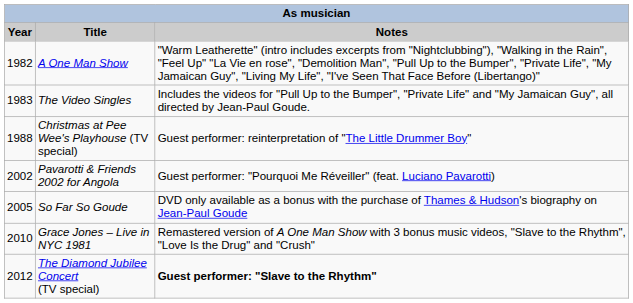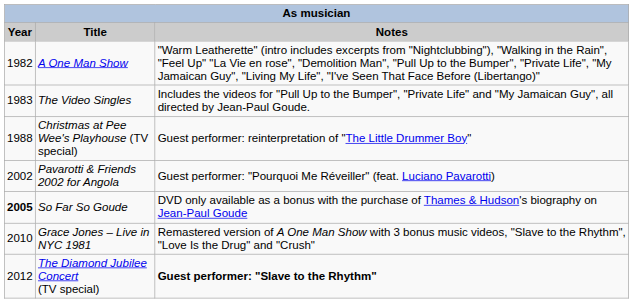 <table class="wikitable">
 <tr>
 <th colspan="3" style="background:#B0C4DE;">As musician</th>
 </tr>
 <tr>
 <th style="background:#ccc;">Year</th>
 <th style="background:#ccc;">Title</th>
 <th style="background:#ccc;">Notes</th>
 </tr>
 <tr>
 <td>1982</td>
 <td><em><a href='#'>A One Man Show</a></em></td>
 <td>"Warm Leatherette" (intro includes excerpts from "Nightclubbing"), "Walking in the Rain", "Feel Up" "La Vie en rose", "Demolition Man", "Pull Up to the Bumper", "Private Life", "My Jamaican Guy", "Living My Life", "I've Seen That Face Before (Libertango)"</td>
 </tr>
 <tr>
 <td>1983</td>
 <td><em>The Video Singles</em></td>
 <td>Includes the videos for "Pull Up to the Bumper", "Private Life" and "My Jamaican Guy", all directed by Jean-Paul Goude.</td>
 </tr>
 <tr>
 <td>1988</td>
 <td><em>Christmas at Pee Wee's Playhouse</em> (TV special)</td>
 <td>Guest performer: reinterpretation of "<a href='#'>The Little Drummer Boy</a>"</td>
 </tr>
 <tr>
 <td>2002</td>
 <td><em>Pavarotti & Friends 2002 for Angola</em></td>
 <td>Guest performer: "Pourquoi Me Réveiller"  (feat. <a href='#'>Luciano Pavarotti</a>)</td>
 </tr>
 <tr>
-<td>2005</td>
+<td><strong>2005</strong></td>
 <td><em>So Far So Goude</em></td>
 <td>DVD only available as a bonus with the purchase of <a href='#'>Thames & Hudson</a>'s biography on <a href='#'>Jean-Paul Goude</a></td>
 </tr>
 <tr>
 <td>2010</td>
 <td><em>Grace Jones – Live in NYC 1981</em></td>
 <td>Remastered version of <em>A One Man Show</em> with 3 bonus music videos, "Slave to the Rhythm", "Love Is the Drug" and "Crush"</td>
 </tr>
 <tr>
 <td>2012</td>
 <td><em><a href='#'>The Diamond Jubilee Concert</a></em> <br>(TV special)</td>
 <td><strong>Guest performer: "Slave to the Rhythm"</strong></td>
 </tr>
 </table>
